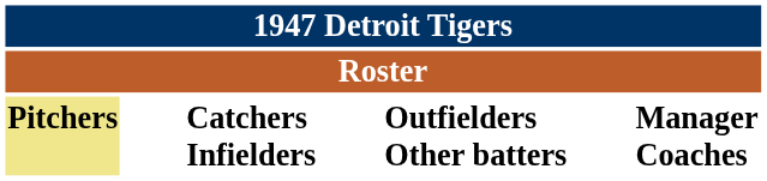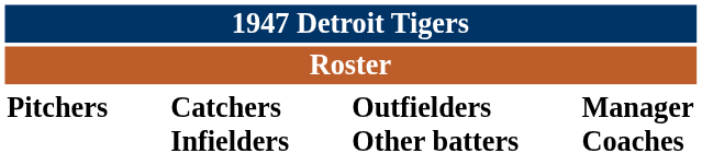 <table class="toccolours" style="font-size: 95%;">
 <tr>
 <th colspan="10" style="background-color: #003366; color: white; text-align: center;">1947 Detroit Tigers</th>
 </tr>
 <tr>
 <td colspan="10" style="background-color: #bd5d29; color: white; text-align: center;"><strong>Roster</strong></td>
 </tr>
 <tr>
-<td valign="top" style="background: khaki;"><strong>Pitchers</strong><br>         </td>
+<td valign="top"><strong>Pitchers</strong><br>         </td>
 <td width="25px"></td>
 <td valign="top"><strong>Catchers</strong><br>    <strong>Infielders</strong>      </td>
 <td width="25px"></td>
 <td valign="top"><strong>Outfielders</strong><br>        <strong>Other batters</strong> </td>
 <td width="25px"></td>
 <td valign="top"><strong>Manager</strong><br> <strong>Coaches</strong>   </td>
 </tr>
 </table>
